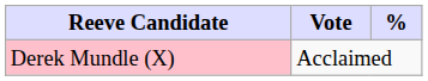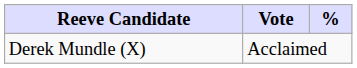 <table class="wikitable">
 <tr>
 <th style="background:#ddf; width:200px;">Reeve Candidate</th>
 <th style="background:#ddf; width:50px;">Vote</th>
 <th style="background:#ddf; width:30px;">%</th>
 </tr>
 <tr>
-<td style="background: pink;">Derek Mundle (X)</td>
+<td>Derek Mundle (X)</td>
 <td colspan="2">Acclaimed</td>
 </tr>
 </table>
